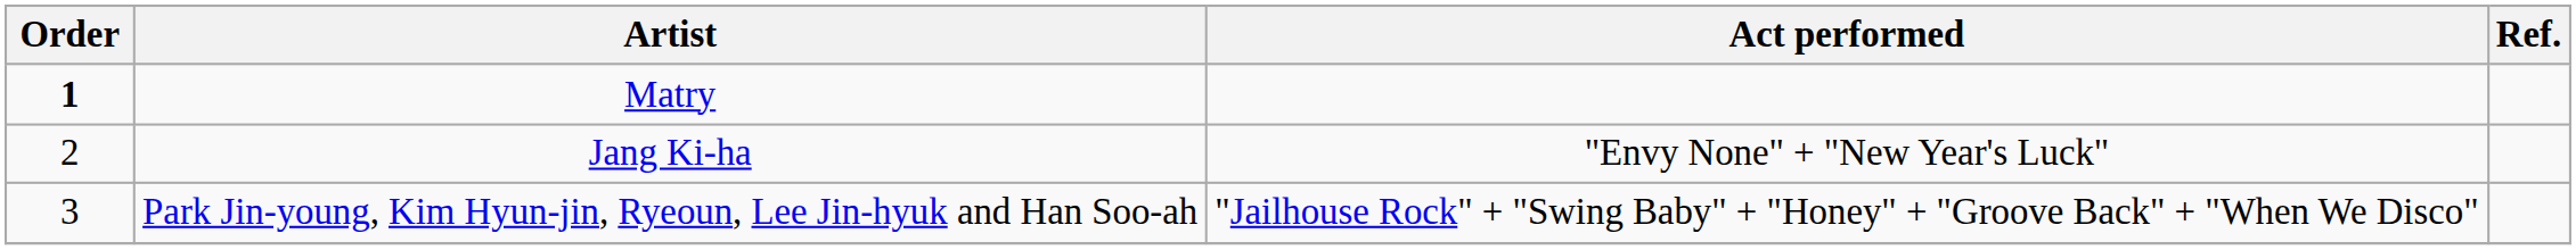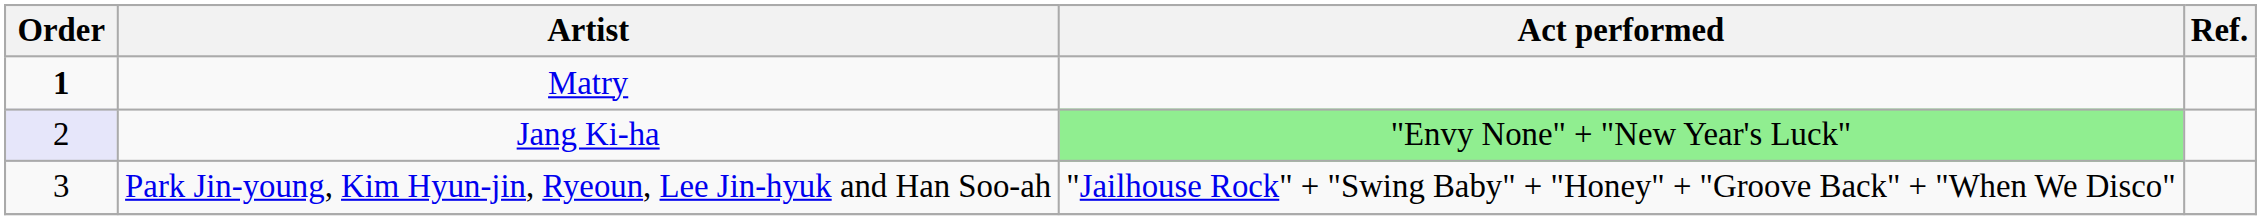 <table class="wikitable" style="text-align:center;">
 <tr>
 <th scope="col" width="5%">Order</th>
 <th scope="col">Artist</th>
 <th scope="col">Act performed</th>
 <th>Ref.</th>
 </tr>
 <tr>
 <td><strong>1</strong></td>
 <td><a href='#'>Matry</a></td>
 <td></td>
 <td></td>
 </tr>
 <tr>
-<td>2</td>
+<td style="background: lavender;">2</td>
 <td><a href='#'>Jang Ki-ha</a></td>
-<td>"Envy None" + "New Year's Luck"</td>
+<td style="background: lightgreen;">"Envy None" + "New Year's Luck"</td>
 <td></td>
 </tr>
 <tr>
 <td>3</td>
 <td><a href='#'>Park Jin-young</a>, <a href='#'>Kim Hyun-jin</a>, <a href='#'>Ryeoun</a>, <a href='#'>Lee Jin-hyuk</a> and Han Soo-ah</td>
 <td>"<a href='#'>Jailhouse Rock</a>" + "Swing Baby" + "Honey" + "Groove Back" + "When We Disco"</td>
 <td></td>
 </tr>
 <tr>
 </tr>
 </table>
